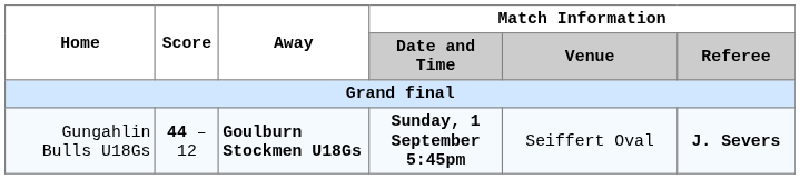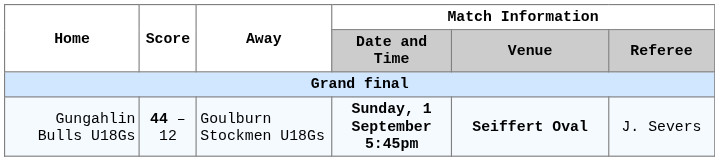 <table border="1" cellpadding="3" cellspacing="0" width="100%" style="border-collapse:collapse;  text-align:center;">
 <tr>
 <th rowspan="2" width="19%">Home</th>
 <th rowspan="2" width="8%">Score</th>
 <th rowspan="2" width="19%">Away</th>
 <th colspan="3">Match Information</th>
 </tr>
 <tr bgcolor="#CCCCCC">
 <th width="17%">Date and Time</th>
 <th width="22%">Venue</th>
 <th width="50%">Referee</th>
 </tr>
 <tr style="background:#d0e7ff;">
 <td colspan="6"><strong>Grand final</strong></td>
 </tr>
 <tr style="text-align:center; background:#f5faff;">
 <td align="right">Gungahlin Bulls U18Gs </td>
 <td><strong>44</strong> – 12</td>
-<td align="left"><strong> Goulburn Stockmen U18Gs</strong></td>
+<td align="left"> Goulburn Stockmen U18Gs</td>
 <td><strong>Sunday, 1 September 5:45pm</strong></td>
-<td>Seiffert Oval</td>
-<td><strong>J. Severs</strong></td>
+<td><strong>Seiffert Oval</strong></td>
+<td>J. Severs</td>
 </tr>
 </table>
